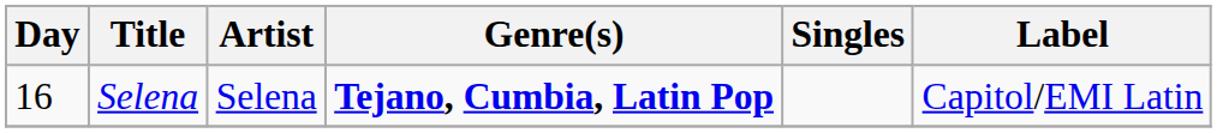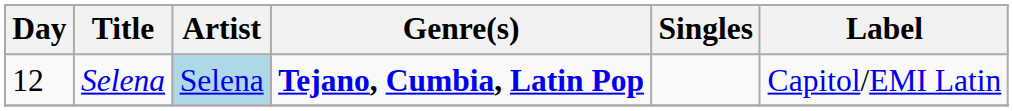 <table class="wikitable sortable" style="text-align: left;">
 <tr>
 <th>Day</th>
 <th>Title</th>
 <th>Artist</th>
 <th>Genre(s)</th>
 <th>Singles</th>
 <th>Label</th>
 </tr>
 <tr>
-<td>16</td>
+<td>12</td>
 <td><em><a href='#'>Selena</a></em></td>
-<td><a href='#'>Selena</a></td>
+<td style="background: lightblue;"><a href='#'>Selena</a></td>
 <td><strong><a href='#'>Tejano</a>, <a href='#'>Cumbia</a>, <a href='#'>Latin Pop</a></strong></td>
 <td></td>
 <td><a href='#'>Capitol</a>/<a href='#'>EMI Latin</a></td>
 </tr>
 <tr>
 </tr>
 </table>
